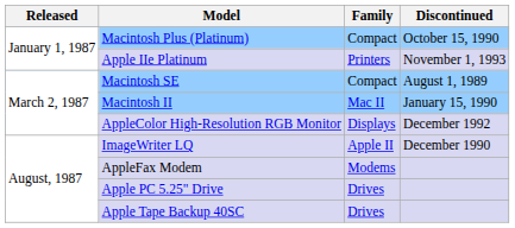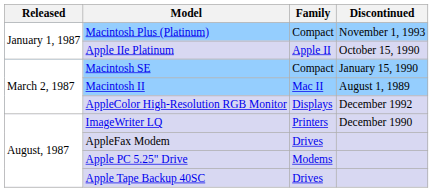 <table class="wikitable">
 <tr>
 <th>Released</th>
 <th>Model</th>
 <th>Family</th>
 <th>Discontinued</th>
 </tr>
 <tr bgcolor=#95CEFE>
 <td bgcolor=#FFF rowspan=2>January 1, 1987</td>
 <td><a href='#'>Macintosh Plus (Platinum)</a></td>
 <td>Compact</td>
-<td>October 15, 1990</td>
+<td>November 1, 1993</td>
 </tr>
 <tr bgcolor=#D8D8F2>
 <td><a href='#'>Apple IIe Platinum</a></td>
-<td><a href='#'>Printers</a></td>
-<td>November 1, 1993</td>
+<td><a href='#'>Apple II</a></td>
+<td>October 15, 1990</td>
 </tr>
 <tr bgcolor=#95CEFE>
 <td bgcolor=#FFF rowspan=3>March 2, 1987</td>
 <td><a href='#'>Macintosh SE</a></td>
 <td>Compact</td>
-<td>August 1, 1989</td>
+<td>January 15, 1990</td>
 </tr>
 <tr bgcolor=#95CEFE>
 <td><a href='#'>Macintosh II</a></td>
 <td><a href='#'>Mac II</a></td>
-<td>January 15, 1990</td>
+<td>August 1, 1989</td>
 </tr>
 <tr bgcolor=#D8D8F2>
 <td><a href='#'>AppleColor High-Resolution RGB Monitor</a></td>
 <td><a href='#'>Displays</a></td>
 <td>December 1992</td>
 </tr>
 <tr bgcolor=#D8D8F2>
 <td bgcolor=#FFF rowspan=4>August, 1987</td>
 <td><a href='#'>ImageWriter LQ</a></td>
-<td><a href='#'>Apple II</a></td>
+<td><a href='#'>Printers</a></td>
 <td>December 1990</td>
 </tr>
 <tr bgcolor=#D8D8F2>
 <td>AppleFax Modem</td>
-<td><a href='#'>Modems</a></td>
+<td><a href='#'>Drives</a></td>
 <td></td>
 </tr>
 <tr bgcolor=#D8D8F2>
 <td><a href='#'>Apple PC 5.25" Drive</a></td>
-<td><a href='#'>Drives</a></td>
+<td><a href='#'>Modems</a></td>
 <td></td>
 </tr>
 <tr bgcolor=#D8D8F2>
 <td><a href='#'>Apple Tape Backup 40SC</a></td>
 <td><a href='#'>Drives</a></td>
 <td></td>
 </tr>
 </table>
